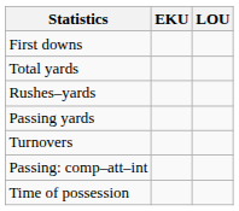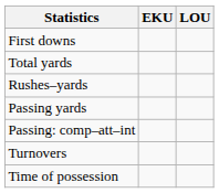 <table class="wikitable" style="float:left">
 <tr>
 <th>Statistics</th>
 <th>EKU</th>
 <th>LOU</th>
 </tr>
 <tr>
 <td>First downs</td>
 <td></td>
 <td></td>
 </tr>
 <tr>
 <td>Total yards</td>
 <td></td>
 <td></td>
 </tr>
 <tr>
 <td>Rushes–yards</td>
 <td></td>
 <td></td>
 </tr>
 <tr>
 <td>Passing yards</td>
 <td></td>
 <td></td>
 </tr>
 <tr>
-<td>Turnovers</td>
+<td>Passing: comp–att–int</td>
 <td></td>
 <td></td>
 </tr>
 <tr>
-<td>Passing: comp–att–int</td>
+<td>Turnovers</td>
 <td></td>
 <td></td>
 </tr>
 <tr>
 <td>Time of possession</td>
 <td></td>
 <td></td>
 </tr>
 </table>
